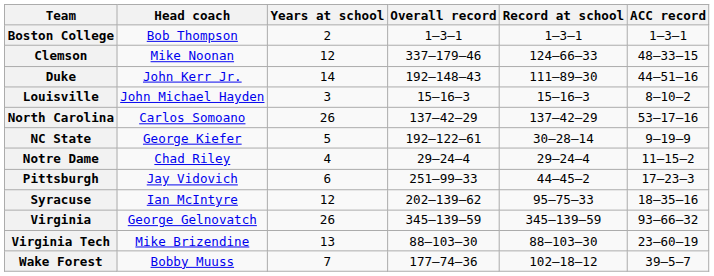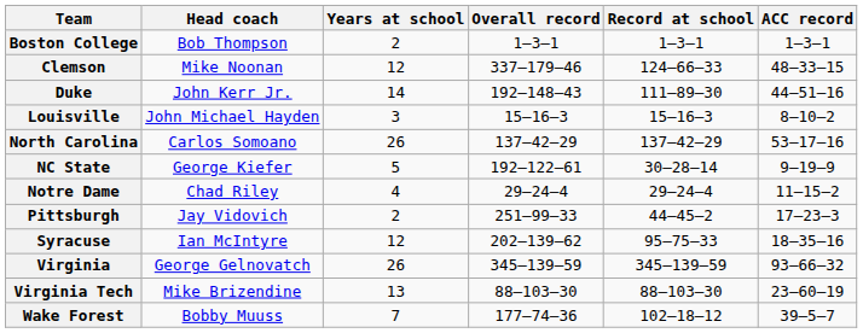 <table class="wikitable sortable" style="text-align: center;">
 <tr>
 <th width="110">Team</th>
 <th>Head coach</th>
 <th>Years at school</th>
 <th>Overall record</th>
 <th>Record at school</th>
 <th>ACC record</th>
 </tr>
 <tr>
 <th>Boston College</th>
 <td><a href='#'>Bob Thompson</a></td>
 <td>2</td>
 <td>1–3–1</td>
 <td>1–3–1</td>
 <td>1–3–1</td>
 </tr>
 <tr>
 <th>Clemson</th>
 <td><a href='#'>Mike Noonan</a></td>
 <td>12</td>
 <td>337–179–46</td>
 <td>124–66–33</td>
 <td>48–33–15</td>
 </tr>
 <tr>
 <th>Duke</th>
 <td><a href='#'>John Kerr Jr.</a></td>
 <td>14</td>
 <td>192–148–43</td>
 <td>111–89–30</td>
 <td>44–51–16</td>
 </tr>
 <tr>
 <th>Louisville</th>
 <td><a href='#'>John Michael Hayden</a></td>
 <td>3</td>
 <td>15–16–3</td>
 <td>15–16–3</td>
 <td>8–10–2</td>
 </tr>
 <tr>
 <th>North Carolina</th>
 <td><a href='#'>Carlos Somoano</a></td>
 <td>26</td>
 <td>137–42–29</td>
 <td>137–42–29</td>
 <td>53–17–16</td>
 </tr>
 <tr>
 <th>NC State</th>
 <td><a href='#'>George Kiefer</a></td>
 <td>5</td>
 <td>192–122–61</td>
 <td>30–28–14</td>
 <td>9–19–9</td>
 </tr>
 <tr>
 <th>Notre Dame</th>
 <td><a href='#'>Chad Riley</a></td>
 <td>4</td>
 <td>29–24–4</td>
 <td>29–24–4</td>
 <td>11–15–2</td>
 </tr>
 <tr>
 <th>Pittsburgh</th>
 <td><a href='#'>Jay Vidovich</a></td>
-<td>6</td>
+<td>2</td>
 <td>251–99–33</td>
 <td>44–45–2</td>
 <td>17–23–3</td>
 </tr>
 <tr>
 <th>Syracuse</th>
 <td><a href='#'>Ian McIntyre</a></td>
 <td>12</td>
 <td>202–139–62</td>
 <td>95–75–33</td>
 <td>18–35–16</td>
 </tr>
 <tr>
 <th>Virginia</th>
 <td><a href='#'>George Gelnovatch</a></td>
 <td>26</td>
 <td>345–139–59</td>
 <td>345–139–59</td>
 <td>93–66–32</td>
 </tr>
 <tr>
 <th>Virginia Tech</th>
 <td><a href='#'>Mike Brizendine</a></td>
 <td>13</td>
 <td>88–103–30</td>
 <td>88–103–30</td>
 <td>23–60–19</td>
 </tr>
 <tr>
 <th>Wake Forest</th>
 <td><a href='#'>Bobby Muuss</a></td>
 <td>7</td>
 <td>177–74–36</td>
 <td>102–18–12</td>
 <td>39–5–7</td>
 </tr>
 </table>
